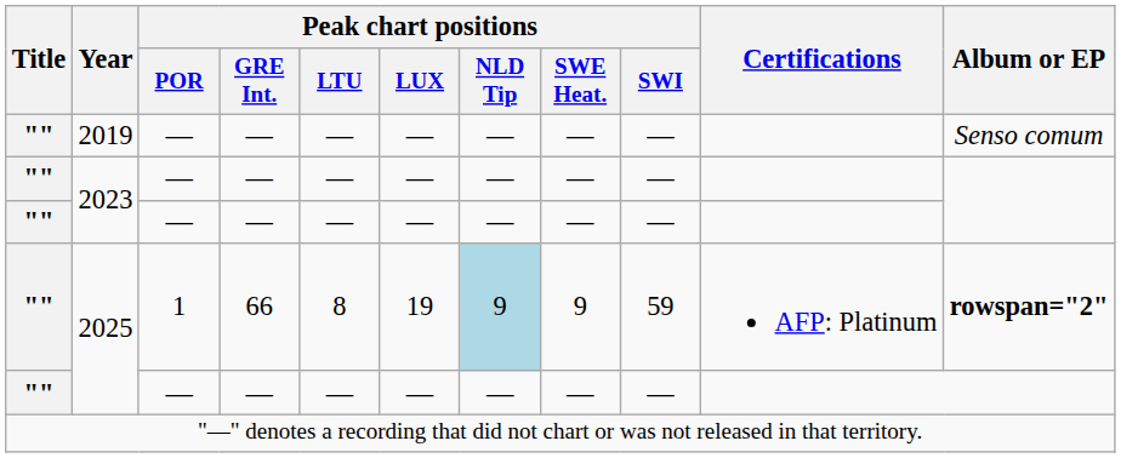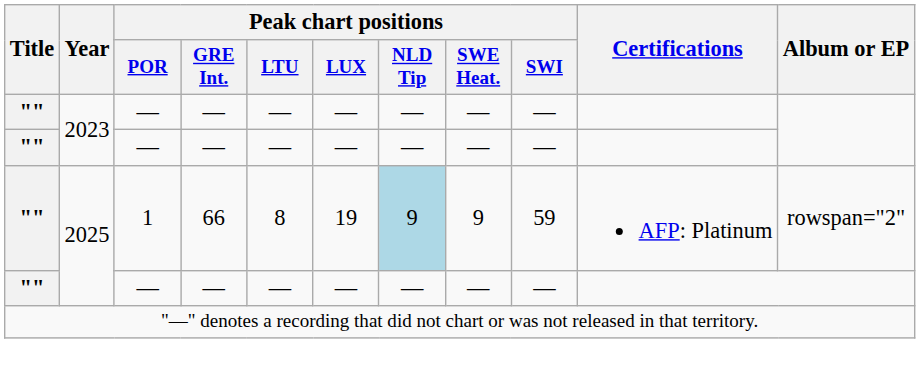 <table class="wikitable plainrowheaders" style="text-align:center;" border="1">
 <tr>
 <th scope="col" rowspan="2">Title</th>
 <th scope="col" rowspan="2">Year</th>
 <th scope="col" colspan="7">Peak chart positions</th>
 <th scope="col" rowspan="2"><a href='#'>Certifications</a></th>
 <th scope="col" rowspan="2">Album or EP</th>
 </tr>
 <tr>
 <th scope="col" style="width:3em;font-size:85%;"><a href='#'>POR</a><br></th>
 <th scope="col" style="width:3em;font-size:85%;"><a href='#'>GRE<br>Int.</a><br></th>
 <th scope="col" style="width:3em;font-size:85%;"><a href='#'>LTU</a><br></th>
 <th scope="col" style="width:3em;font-size:85%;"><a href='#'>LUX</a><br></th>
 <th scope="col" style="width:3em;font-size:85%;"><a href='#'>NLD<br>Tip</a><br></th>
 <th scope="col" style="width:3em;font-size:85%;"><a href='#'>SWE<br>Heat.</a><br></th>
 <th scope="col" style="width:3em;font-size:85%;"><a href='#'>SWI</a><br></th>
-</tr>
-<tr>
-<th scope="row">""</th>
-<td>2019</td>
-<td>—</td>
-<td>—</td>
-<td>—</td>
-<td>—</td>
-<td>—</td>
-<td>—</td>
-<td>—</td>
-<td></td>
-<td><em>Senso comum</em></td>
 </tr>
 <tr>
 <th scope="row">""<br></th>
 <td rowspan="2">2023</td>
 <td>—</td>
 <td>—</td>
 <td>—</td>
 <td>—</td>
 <td>—</td>
 <td>—</td>
 <td>—</td>
 <td></td>
 <td rowspan="2"></td>
 </tr>
 <tr>
 <th scope="row">""</th>
 <td>—</td>
 <td>—</td>
 <td>—</td>
 <td>—</td>
 <td>—</td>
 <td>—</td>
 <td>—</td>
 <td></td>
 </tr>
 <tr>
 <th scope="row">""</th>
 <td rowspan="2">2025</td>
 <td>1</td>
 <td>66</td>
 <td>8</td>
 <td>19</td>
 <td style="background: lightblue;">9</td>
 <td>9</td>
 <td>59</td>
 <td><br><ul><li><a href='#'>AFP</a>: Platinum</li></ul></td>
-<td><strong>rowspan="2" </strong></td>
+<td>rowspan="2" </td>
 </tr>
 <tr>
 <th scope="row">""<br></th>
 <td>—</td>
 <td>—</td>
 <td>—</td>
 <td>—</td>
 <td>—</td>
 <td>—</td>
 <td>—</td>
 </tr>
 <tr>
 <td colspan="11" style="font-size:85%">"—" denotes a recording that did not chart or was not released in that territory.</td>
 </tr>
 </table>
